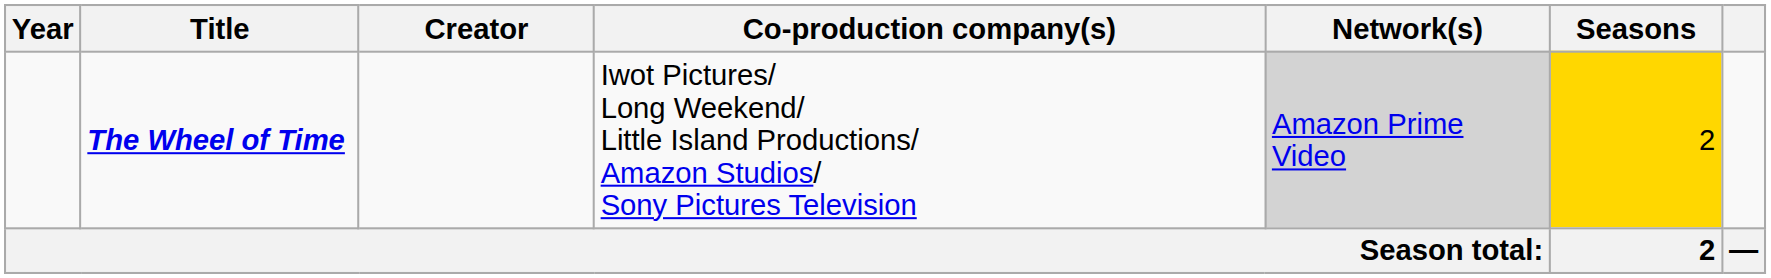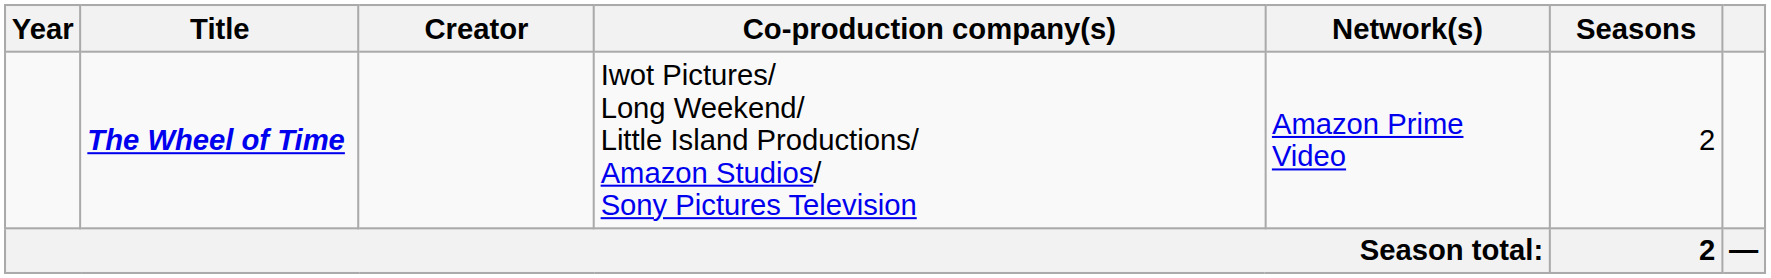 <table class="wikitable sortable">
 <tr style="font-size:90%">
 <th width="30">Year</th>
 <th width="140">Title</th>
 <th width="115">Creator</th>
 <th width="350">Co-production company(s)</th>
 <th width="140">Network(s)</th>
 <th width="80">Seasons</th>
 <th class="unsortable"></th>
 </tr>
 <tr style="font-size:90%">
 <td></td>
 <td><strong><em><a href='#'>The Wheel of Time</a></em></strong></td>
 <td></td>
 <td>Iwot Pictures/<br>Long Weekend/<br>Little Island Productions/<br><a href='#'>Amazon Studios</a>/<br><a href='#'>Sony Pictures Television</a></td>
-<td style="background: lightgrey;"><a href='#'>Amazon Prime Video</a></td>
-<td style="background: gold; text-align:right">2</td>
+<td><a href='#'>Amazon Prime Video</a></td>
+<td style="text-align:right">2</td>
 <td style="text-align:center"></td>
 </tr>
 <tr class="sortbottom" style="font-size:90%">
 <td colspan="5" style="text-align:right; background:#F2F2F2"><strong>Season total:</strong></td>
 <td style="text-align:right; background:#F2F2F2"><strong>2</strong></td>
 <td style="text-align:center; background:#F2F2F2"><strong>—</strong></td>
 </tr>
 </table>
